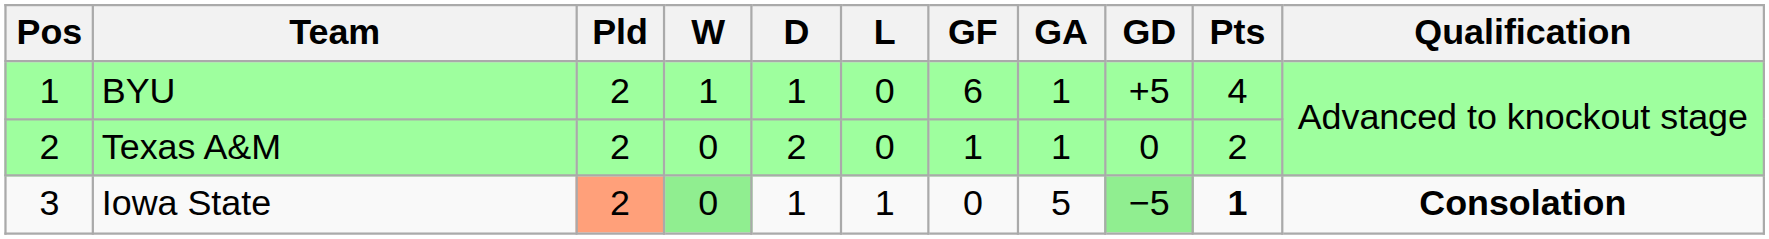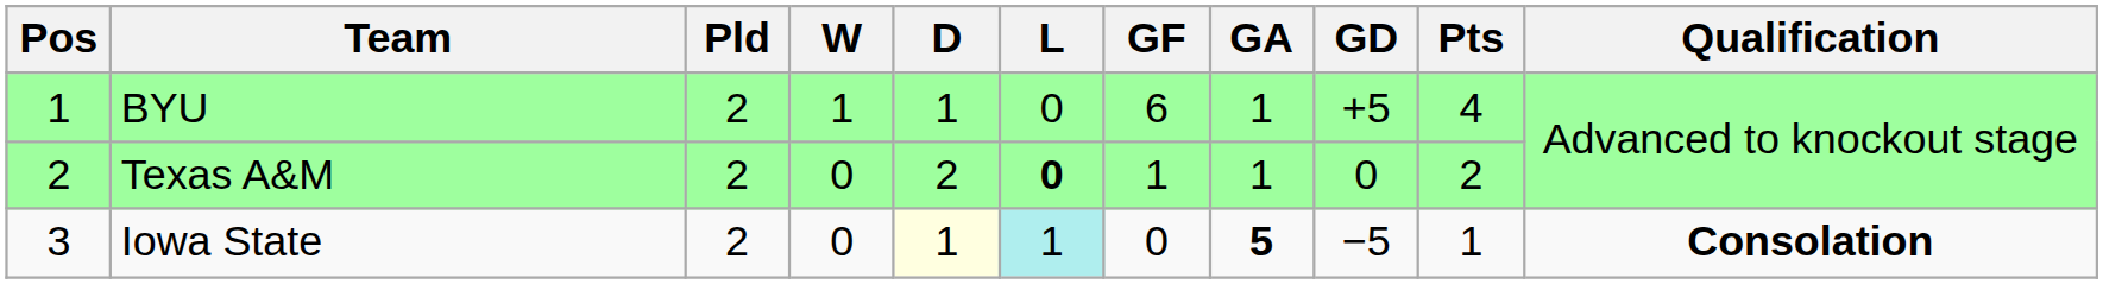 <table class="wikitable" style="text-align:center; margin: 1em auto">
 <tr>
 <th style=width:2em>Pos</th>
 <th style=width:13em>Team</th>
 <th style=width:2em>Pld</th>
 <th style=width:2em>W</th>
 <th style=width:2em>D</th>
 <th style=width:2em>L</th>
 <th style=width:2em>GF</th>
 <th style=width:2em>GA</th>
 <th style=width:2em>GD</th>
 <th style=width:2em>Pts</th>
 <th style=width:13em>Qualification</th>
 </tr>
 <tr bgcolor="#9eff9e">
 <td>1</td>
 <td style="text-align:left">BYU</td>
 <td>2</td>
 <td>1</td>
 <td>1</td>
 <td>0</td>
 <td>6</td>
 <td>1</td>
 <td>+5</td>
 <td>4</td>
 <td rowspan="2">Advanced to knockout stage</td>
 </tr>
 <tr bgcolor="#9eff9e">
 <td>2</td>
 <td style="text-align:left">Texas A&M</td>
 <td>2</td>
 <td>0</td>
 <td>2</td>
-<td>0</td>
+<td><strong>0</strong></td>
 <td>1</td>
 <td>1</td>
 <td>0</td>
 <td>2</td>
 </tr>
 <tr>
 <td>3</td>
 <td style="text-align:left">Iowa State</td>
-<td style="background: lightsalmon;">2</td>
-<td style="background: lightgreen;">0</td>
+<td>2</td>
+<td>0</td>
+<td style="background: lightyellow;">1</td>
+<td style="background: paleturquoise;">1</td>
+<td>0</td>
+<td><strong>5</strong></td>
+<td>−5</td>
 <td>1</td>
-<td>1</td>
-<td>0</td>
-<td>5</td>
-<td style="background: lightgreen;">−5</td>
-<td><strong>1</strong></td>
 <td><strong>Consolation</strong></td>
 </tr>
 </table>
